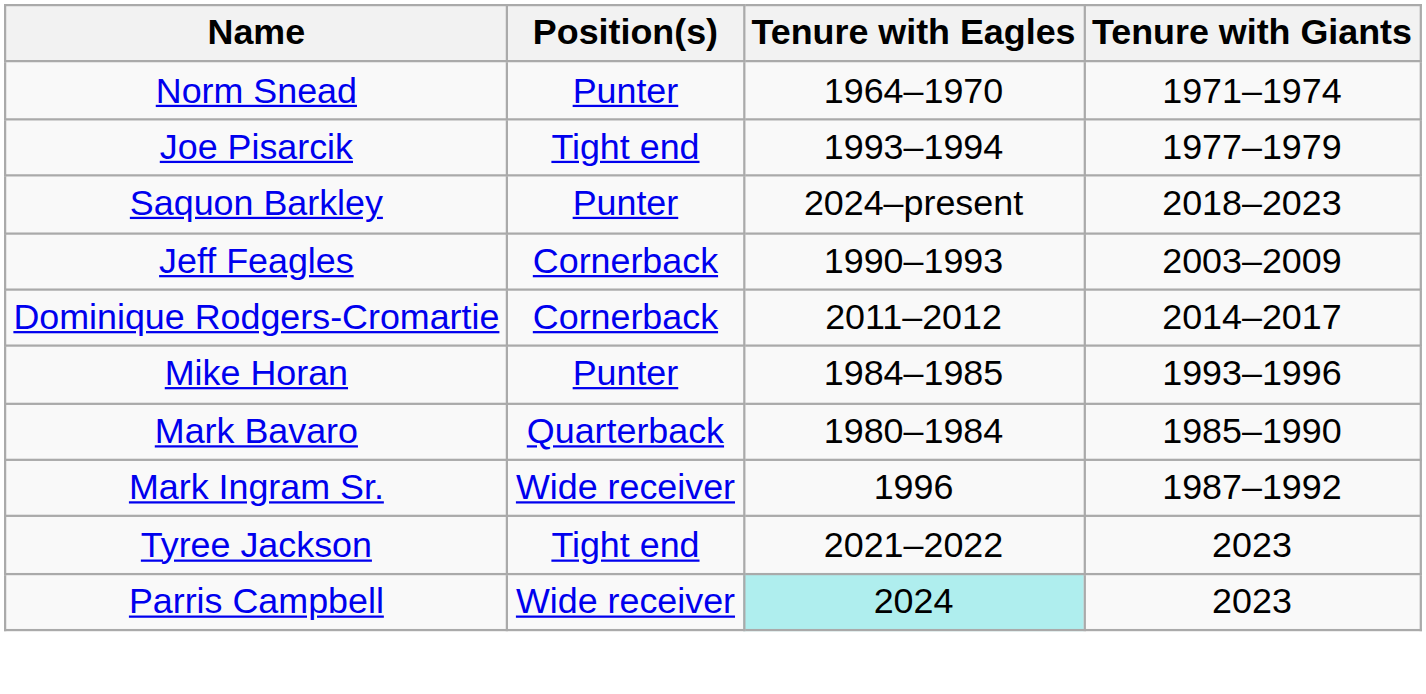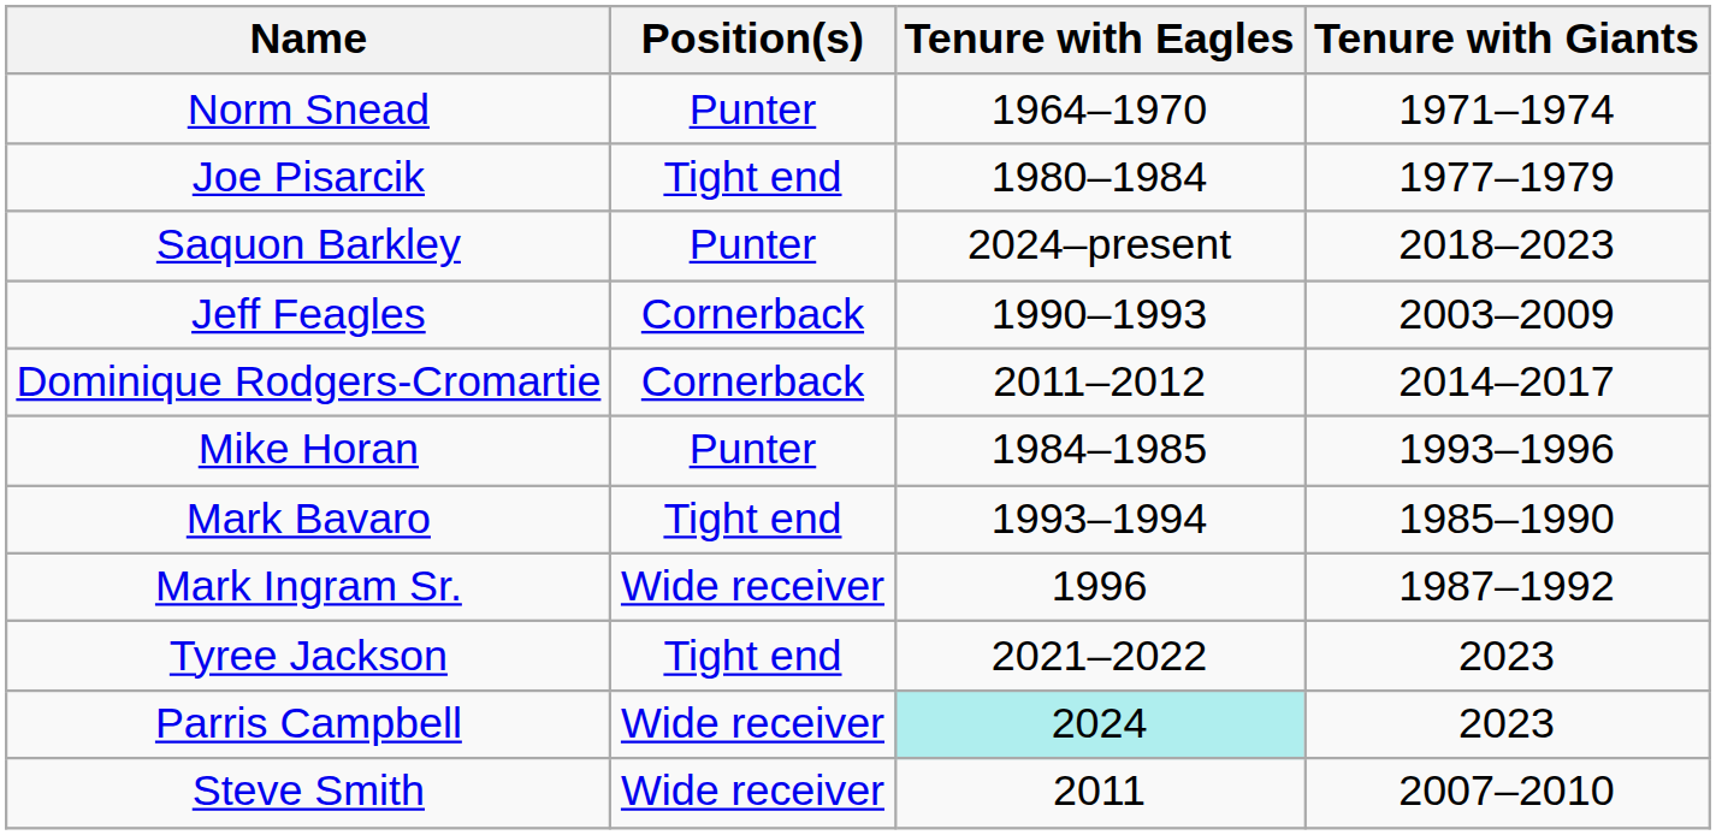 <table class="wikitable" style="text-align: center;">
 <tr>
 <th>Name</th>
 <th>Position(s)</th>
 <th>Tenure with Eagles</th>
 <th>Tenure with Giants</th>
 </tr>
 <tr>
 <td><a href='#'>Norm Snead</a></td>
 <td><a href='#'>Punter</a></td>
 <td>1964–1970</td>
 <td>1971–1974</td>
 </tr>
 <tr>
 <td><a href='#'>Joe Pisarcik</a></td>
 <td><a href='#'>Tight end</a></td>
-<td>1993–1994</td>
+<td>1980–1984</td>
 <td>1977–1979</td>
 </tr>
 <tr>
 <td><a href='#'>Saquon Barkley</a></td>
 <td><a href='#'>Punter</a></td>
 <td>2024–present</td>
 <td>2018–2023</td>
 </tr>
 <tr>
 <td><a href='#'>Jeff Feagles</a></td>
 <td><a href='#'>Cornerback</a></td>
 <td>1990–1993</td>
 <td>2003–2009</td>
 </tr>
 <tr>
 <td><a href='#'>Dominique Rodgers-Cromartie</a></td>
 <td><a href='#'>Cornerback</a></td>
 <td>2011–2012</td>
 <td>2014–2017</td>
 </tr>
 <tr>
 <td><a href='#'>Mike Horan</a></td>
 <td><a href='#'>Punter</a></td>
 <td>1984–1985</td>
 <td>1993–1996</td>
 </tr>
 <tr>
 <td><a href='#'>Mark Bavaro</a></td>
-<td><a href='#'>Quarterback</a></td>
-<td>1980–1984</td>
+<td><a href='#'>Tight end</a></td>
+<td>1993–1994</td>
 <td>1985–1990</td>
 </tr>
 <tr>
 <td><a href='#'>Mark Ingram Sr.</a></td>
 <td><a href='#'>Wide receiver</a></td>
 <td>1996</td>
 <td>1987–1992</td>
 </tr>
 <tr>
 <td><a href='#'>Tyree Jackson</a></td>
 <td><a href='#'>Tight end</a></td>
 <td>2021–2022</td>
 <td>2023</td>
 </tr>
 <tr>
 <td><a href='#'>Parris Campbell</a></td>
 <td><a href='#'>Wide receiver</a></td>
 <td style="background: paleturquoise;">2024</td>
 <td>2023</td>
 </tr>
+<tr>
+<td><a href='#'>Steve Smith</a></td>
+<td><a href='#'>Wide receiver</a></td>
+<td>2011</td>
+<td>2007–2010</td>
+</tr>
 </table>
